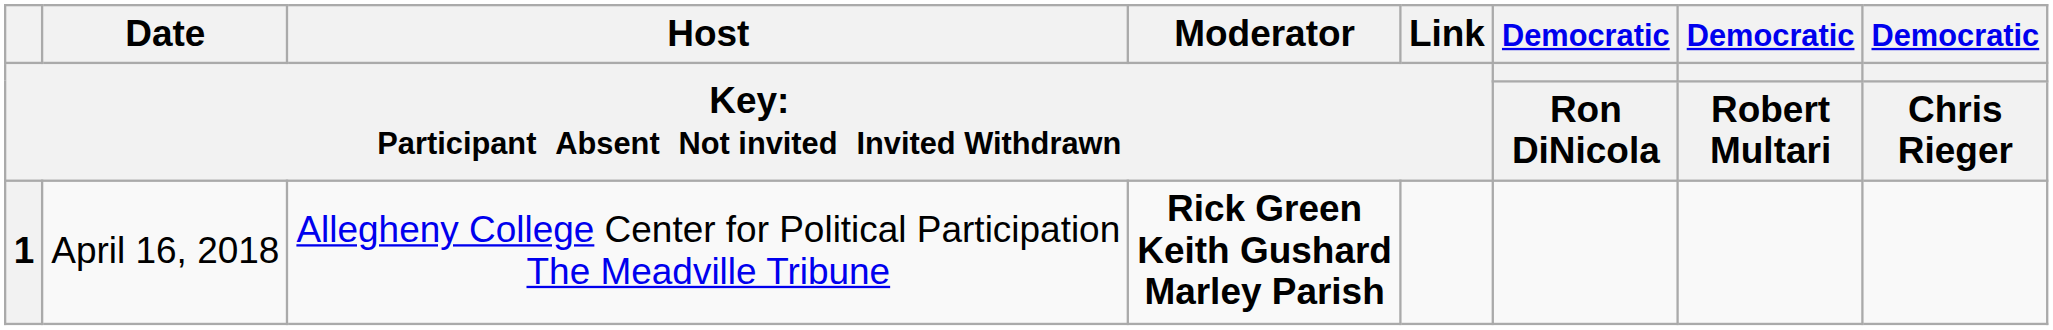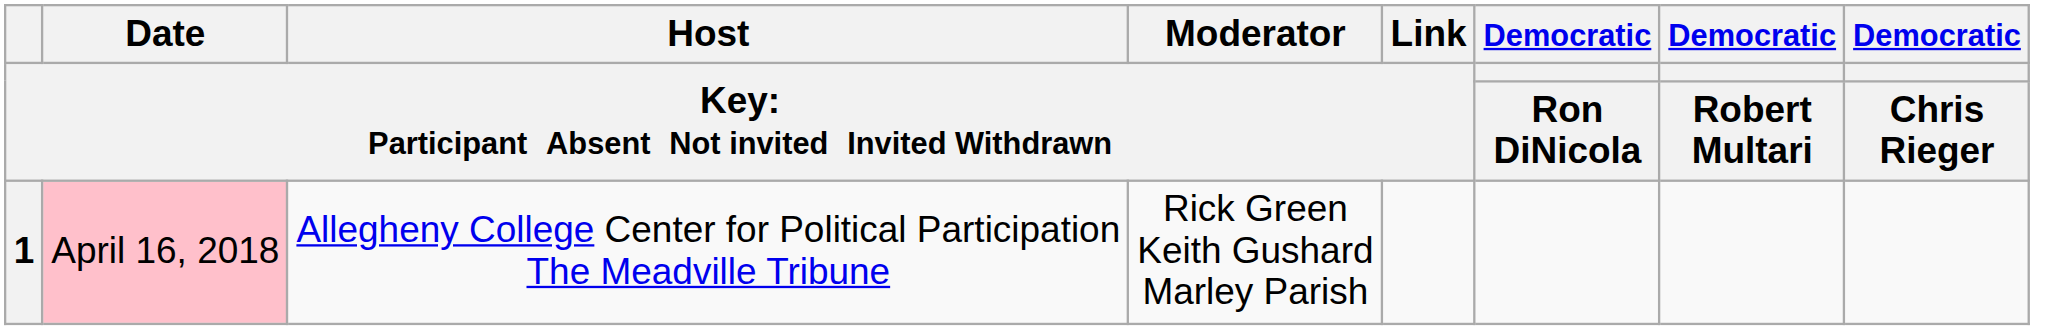 <table class="wikitable" style="text-align:center;">
 <tr>
 <th scope="col"></th>
 <th scope="col">Date</th>
 <th scope="col">Host</th>
 <th scope="col">Moderator</th>
 <th scope="col">Link</th>
 <th scope="col"><small><a href='#'>Democratic</a></small></th>
 <th scope="col"><small><a href='#'>Democratic</a></small></th>
 <th scope="col"><small><a href='#'>Democratic</a></small></th>
 </tr>
 <tr>
 <th colspan="5" rowspan="2">Key:<br> <small>Participant </small>  <small>Absent </small>  <small>Not invited </small>  <small>Invited  Withdrawn</small></th>
 <th scope="col" style="background:"></th>
 <th scope="col" style="background:"></th>
 <th scope="col" style="background:"></th>
 </tr>
 <tr>
 <th scope="col">Ron DiNicola</th>
 <th scope="col">Robert Multari</th>
 <th scope="col">Chris Rieger</th>
 </tr>
 <tr>
 <th>1</th>
-<td style="white-space:nowrap;">April 16, 2018</td>
+<td style="background: pink; white-space:nowrap;">April 16, 2018</td>
 <td style="white-space:nowrap;"><a href='#'>Allegheny College</a> Center for Political Participation<br><a href='#'>The Meadville Tribune</a></td>
-<td style="white-space:nowrap;"><strong>Rick Green<br>Keith Gushard<br>Marley Parish</strong></td>
+<td style="white-space:nowrap;">Rick Green<br>Keith Gushard<br>Marley Parish</td>
 <td style="white-space:nowrap;"></td>
 <td></td>
 <td></td>
 <td></td>
 </tr>
 </table>
